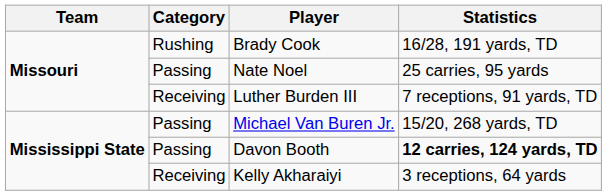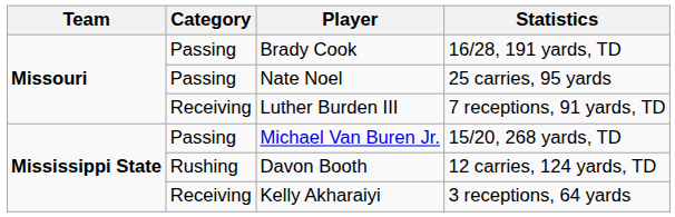 <table class="wikitable" style="float: right;">
 <tr>
 <th>Team</th>
 <th>Category</th>
 <th>Player</th>
 <th>Statistics</th>
 </tr>
 <tr>
 <td rowspan=3><strong>Missouri</strong></td>
-<td>Rushing</td>
+<td>Passing</td>
 <td>Brady Cook</td>
 <td>16/28, 191 yards, TD</td>
 </tr>
 <tr>
 <td>Passing</td>
 <td>Nate Noel</td>
 <td>25 carries, 95 yards</td>
 </tr>
 <tr>
 <td>Receiving</td>
 <td>Luther Burden III</td>
 <td>7 receptions, 91 yards, TD</td>
 </tr>
 <tr>
 <td rowspan=3><strong>Mississippi State</strong></td>
 <td>Passing</td>
 <td><a href='#'>Michael Van Buren Jr.</a></td>
 <td>15/20, 268 yards, TD</td>
 </tr>
 <tr>
-<td>Passing</td>
+<td>Rushing</td>
 <td>Davon Booth</td>
-<td><strong>12 carries, 124 yards, TD</strong></td>
+<td>12 carries, 124 yards, TD</td>
 </tr>
 <tr>
 <td>Receiving</td>
 <td>Kelly Akharaiyi</td>
 <td>3 receptions, 64 yards</td>
 </tr>
 </table>
